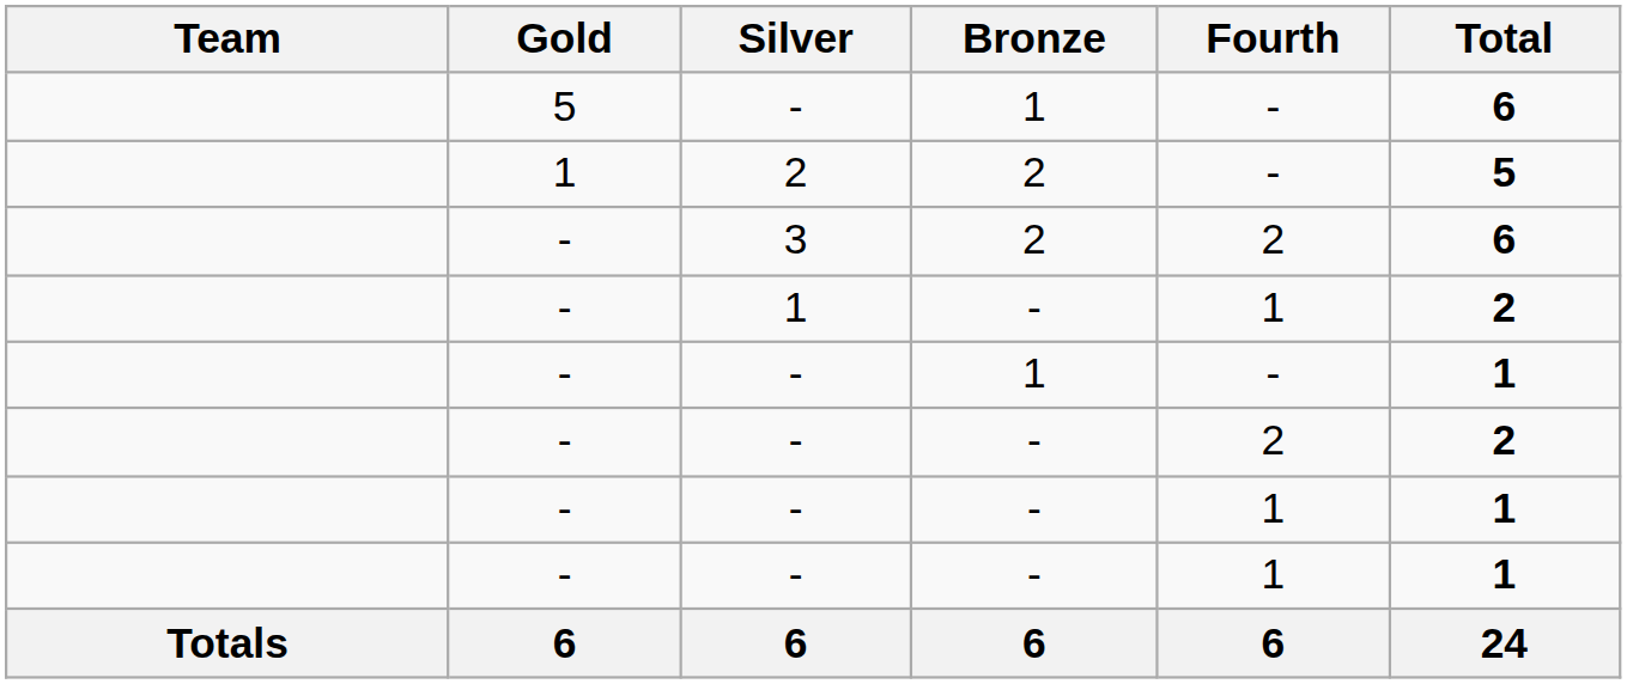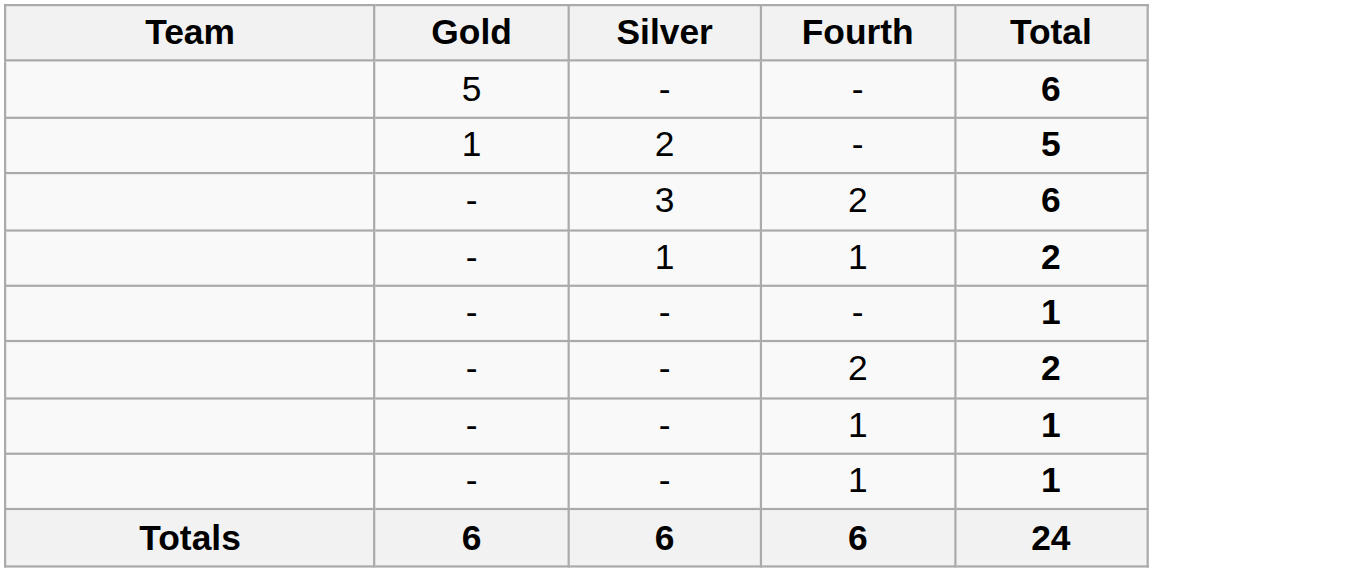 <table class="wikitable" style="text-align:center;">
 <tr border=1 cellpadding=5 cellspacing=0>
 <th style="width:10em;">Team</th>
 <th style="width:5em;"> Gold</th>
 <th style="width:5em;"> Silver</th>
-<th style="width:5.75em; padding:0; cell-spacing:0;"> Bronze</th>
 <th style="width:5em;">Fourth</th>
 <th style="width:5em;">Total </th>
 </tr>
 <tr>
 <td align=left></td>
 <td>5</td>
 <td>-</td>
-<td>1</td>
 <td>-</td>
 <td><strong>6</strong></td>
 </tr>
 <tr>
 <td align=left></td>
 <td>1</td>
-<td>2</td>
 <td>2</td>
 <td>-</td>
 <td><strong>5</strong></td>
 </tr>
 <tr>
 <td align=left></td>
 <td>-</td>
 <td>3</td>
 <td>2</td>
-<td>2</td>
 <td><strong>6</strong></td>
 </tr>
 <tr>
 <td align=left></td>
 <td>-</td>
 <td>1</td>
-<td>-</td>
 <td>1</td>
 <td><strong>2</strong></td>
 </tr>
 <tr>
 <td align=left></td>
 <td>-</td>
 <td>-</td>
-<td>1</td>
 <td>-</td>
 <td><strong>1</strong></td>
 </tr>
 <tr>
 <td align=left></td>
-<td>-</td>
 <td>-</td>
 <td>-</td>
 <td>2</td>
 <td><strong>2</strong></td>
 </tr>
 <tr>
 <td align=left></td>
 <td>-</td>
 <td>-</td>
-<td>-</td>
 <td>1</td>
 <td><strong>1</strong></td>
 </tr>
 <tr>
 <td align=left></td>
-<td>-</td>
 <td>-</td>
 <td>-</td>
 <td>1</td>
 <td><strong>1</strong></td>
 </tr>
 <tr>
 <th>Totals</th>
 <th>6</th>
 <th>6</th>
 <th>6</th>
-<th>6</th>
 <th><strong>24</strong></th>
 </tr>
 </table>
